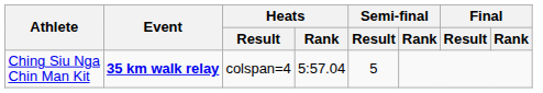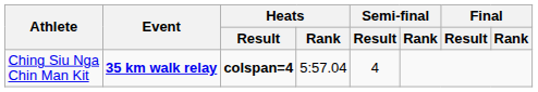 <table class=wikitable style="text-align: center; font-size:90%">
 <tr>
 <th rowspan=2>Athlete</th>
 <th rowspan=2>Event</th>
 <th colspan="2">Heats</th>
 <th colspan="2">Semi-final</th>
 <th colspan="2">Final</th>
 </tr>
 <tr>
 <th>Result</th>
 <th>Rank</th>
 <th>Result</th>
 <th>Rank</th>
 <th>Result</th>
 <th>Rank</th>
 </tr>
 <tr>
 <td align=left><a href='#'>Ching Siu Nga</a><br><a href='#'>Chin Man Kit</a></td>
 <td align=left><strong><a href='#'>35 km walk relay</a></strong></td>
-<td>colspan=4 </td>
+<td><strong>colspan=4 </strong></td>
 <td>5:57.04</td>
-<td>5</td>
+<td>4</td>
 </tr>
 </table>
